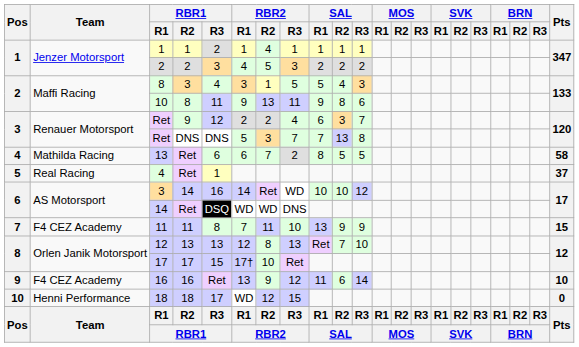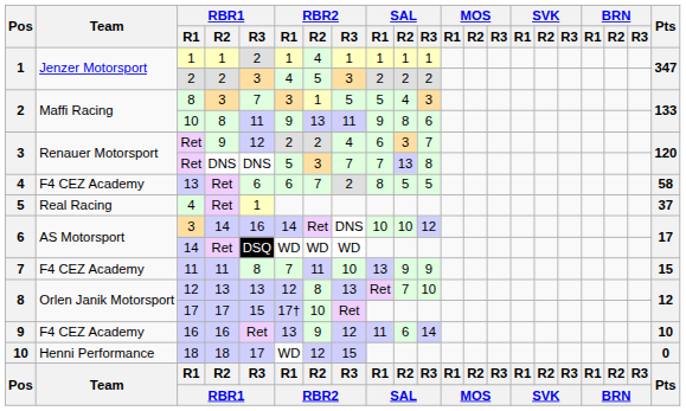 <table class="wikitable" style="font-size: 85%; text-align:center">
 <tr>
 <th rowspan=2>Pos</th>
 <th rowspan=2>Team</th>
 <th colspan=3><a href='#'>RBR1</a><br></th>
 <th colspan=3><a href='#'>RBR2</a><br></th>
 <th colspan=3><a href='#'>SAL</a><br></th>
 <th colspan=3><a href='#'>MOS</a><br></th>
 <th colspan=3><a href='#'>SVK</a><br></th>
 <th colspan=3><a href='#'>BRN</a><br></th>
 <th rowspan=2>Pts</th>
 </tr>
 <tr>
 <th>R1</th>
 <th>R2</th>
 <th>R3</th>
 <th>R1</th>
 <th>R2</th>
 <th>R3</th>
 <th>R1</th>
 <th>R2</th>
 <th>R3</th>
 <th>R1</th>
 <th>R2</th>
 <th>R3</th>
 <th>R1</th>
 <th>R2</th>
 <th>R3</th>
 <th>R1</th>
 <th>R2</th>
 <th>R3</th>
 </tr>
 <tr>
 <th rowspan=2>1</th>
 <td rowspan=2 style="text-align:left"> <a href='#'>Jenzer Motorsport</a></td>
 <td style="background:#ffffbf">1</td>
 <td style="background:#ffffbf">1</td>
 <td style="background:#dfdfdf">2</td>
 <td style="background:#ffffbf">1</td>
 <td style="background:#dfffdf">4</td>
 <td style="background:#ffffbf">1</td>
 <td style="background:#ffffbf">1</td>
 <td style="background:#ffffbf">1</td>
 <td style="background:#ffffbf">1</td>
 <td></td>
 <td></td>
 <td></td>
 <td></td>
 <td></td>
 <td></td>
 <td></td>
 <td></td>
 <td></td>
 <th rowspan=2>347</th>
 </tr>
 <tr>
 <td style="background:#dfdfdf">2</td>
 <td style="background:#dfdfdf">2</td>
 <td style="background:#ffdf9f">3</td>
 <td style="background:#dfffdf">4</td>
 <td style="background:#dfffdf">5</td>
 <td style="background:#ffdf9f">3</td>
 <td style="background:#dfdfdf">2</td>
 <td style="background:#dfdfdf">2</td>
 <td style="background:#dfdfdf">2</td>
 <td></td>
 <td></td>
 <td></td>
 <td></td>
 <td></td>
 <td></td>
 <td></td>
 <td></td>
 <td></td>
 </tr>
 <tr>
 <th rowspan=2>2</th>
 <td rowspan=2 style="text-align:left"> Maffi Racing</td>
 <td style="background:#dfffdf">8</td>
 <td style="background:#ffdf9f">3</td>
-<td style="background:#dfffdf">4</td>
+<td style="background:#dfffdf">7</td>
 <td style="background:#ffdf9f">3</td>
 <td style="background:#ffffbf">1</td>
 <td style="background:#dfffdf">5</td>
 <td style="background:#dfffdf">5</td>
 <td style="background:#dfffdf">4</td>
 <td style="background:#ffdf9f">3</td>
 <td></td>
 <td></td>
 <td></td>
 <td></td>
 <td></td>
 <td></td>
 <td></td>
 <td></td>
 <td></td>
 <th rowspan=2>133</th>
 </tr>
 <tr>
 <td style="background:#dfffdf">10</td>
 <td style="background:#dfffdf">8</td>
 <td style="background:#cfcfff">11</td>
 <td style="background:#dfffdf">9</td>
 <td style="background:#cfcfff">13</td>
 <td style="background:#cfcfff">11</td>
 <td style="background:#dfffdf">9</td>
 <td style="background:#dfffdf">8</td>
 <td style="background:#dfffdf">6</td>
 <td></td>
 <td></td>
 <td></td>
 <td></td>
 <td></td>
 <td></td>
 <td></td>
 <td></td>
 <td></td>
 </tr>
 <tr>
 <th rowspan=2>3</th>
 <td rowspan=2 style="text-align:left"> Renauer Motorsport</td>
 <td style="background:#efcfff">Ret</td>
 <td style="background:#dfffdf">9</td>
 <td style="background:#cfcfff">12</td>
 <td style="background:#dfdfdf">2</td>
 <td style="background:#dfdfdf">2</td>
 <td style="background:#dfffdf">4</td>
 <td style="background:#dfffdf">6</td>
 <td style="background:#ffdf9f">3</td>
 <td style="background:#dfffdf">7</td>
 <td></td>
 <td></td>
 <td></td>
 <td></td>
 <td></td>
 <td></td>
 <td></td>
 <td></td>
 <td></td>
 <th rowspan=2>120</th>
 </tr>
 <tr>
 <td style="background:#efcfff">Ret</td>
 <td style="background:#ffffff">DNS</td>
 <td style="background:#ffffff">DNS</td>
 <td style="background:#dfffdf">5</td>
 <td style="background:#ffdf9f">3</td>
 <td style="background:#dfffdf">7</td>
 <td style="background:#dfffdf">7</td>
 <td style="background:#cfcfff">13</td>
 <td style="background:#dfffdf">8</td>
 <td></td>
 <td></td>
 <td></td>
 <td></td>
 <td></td>
 <td></td>
 <td></td>
 <td></td>
 <td></td>
 </tr>
 <tr>
 <th>4</th>
-<td style="text-align:left"> Mathilda Racing</td>
+<td style="text-align:left"> F4 CEZ Academy</td>
 <td style="background:#cfcfff">13</td>
 <td style="background:#efcfff">Ret</td>
 <td style="background:#dfffdf">6</td>
 <td style="background:#dfffdf">6</td>
 <td style="background:#dfffdf">7</td>
 <td style="background:#dfdfdf">2</td>
 <td style="background:#dfffdf">8</td>
 <td style="background:#dfffdf">5</td>
 <td style="background:#dfffdf">5</td>
 <td></td>
 <td></td>
 <td></td>
 <td></td>
 <td></td>
 <td></td>
 <td></td>
 <td></td>
 <td></td>
 <th>58</th>
 </tr>
 <tr>
 <th>5</th>
 <td style="text-align:left"> Real Racing</td>
 <td style="background:#dfffdf">4</td>
 <td style="background:#efcfff">Ret</td>
 <td style="background:#ffffbf">1</td>
 <td></td>
 <td></td>
 <td></td>
 <td></td>
 <td></td>
 <td></td>
 <td></td>
 <td></td>
 <td></td>
 <td></td>
 <td></td>
 <td></td>
 <td></td>
 <td></td>
 <td></td>
 <th>37</th>
 </tr>
 <tr>
 <th rowspan=2>6</th>
 <td rowspan=2 style="text-align:left"> AS Motorsport</td>
 <td style="background:#ffdf9f">3</td>
 <td style="background:#cfcfff">14</td>
 <td style="background:#cfcfff">16</td>
 <td style="background:#cfcfff">14</td>
 <td style="background:#efcfff">Ret</td>
-<td style="background:#ffffff">WD</td>
+<td style="background:#ffffff">DNS</td>
 <td style="background:#dfffdf">10</td>
 <td style="background:#dfffdf">10</td>
 <td style="background:#cfcfff">12</td>
 <td></td>
 <td></td>
 <td></td>
 <td></td>
 <td></td>
 <td></td>
 <td></td>
 <td></td>
 <td></td>
 <th rowspan=2>17</th>
 </tr>
 <tr>
 <td style="background:#cfcfff">14</td>
 <td style="background:#efcfff">Ret</td>
 <td style="background:#000000; color:#ffffff">DSQ</td>
 <td style="background:#ffffff">WD</td>
 <td style="background:#ffffff">WD</td>
-<td style="background:#ffffff">DNS</td>
+<td style="background:#ffffff">WD</td>
 <td></td>
 <td></td>
 <td></td>
 <td></td>
 <td></td>
 <td></td>
 <td></td>
 <td></td>
 <td></td>
 <td></td>
 <td></td>
 <td></td>
 </tr>
 <tr>
 <th>7</th>
 <td style="text-align:left"> F4 CEZ Academy</td>
 <td style="background:#cfcfff">11</td>
 <td style="background:#cfcfff">11</td>
 <td style="background:#dfffdf">8</td>
 <td style="background:#dfffdf">7</td>
 <td style="background:#cfcfff">11</td>
 <td style="background:#dfffdf">10</td>
 <td style="background:#cfcfff">13</td>
 <td style="background:#dfffdf">9</td>
 <td style="background:#dfffdf">9</td>
 <td></td>
 <td></td>
 <td></td>
 <td></td>
 <td></td>
 <td></td>
 <td></td>
 <td></td>
 <td></td>
 <th>15</th>
 </tr>
 <tr>
 <th rowspan=2>8</th>
 <td rowspan=2 style="text-align:left"> Orlen Janik Motorsport</td>
 <td style="background:#cfcfff">12</td>
 <td style="background:#cfcfff">13</td>
 <td style="background:#cfcfff">13</td>
 <td style="background:#cfcfff">12</td>
 <td style="background:#dfffdf">8</td>
 <td style="background:#cfcfff">13</td>
 <td style="background:#efcfff">Ret</td>
 <td style="background:#dfffdf">7</td>
 <td style="background:#dfffdf">10</td>
 <td></td>
 <td></td>
 <td></td>
 <td></td>
 <td></td>
 <td></td>
 <td></td>
 <td></td>
 <td></td>
 <th rowspan=2>12</th>
 </tr>
 <tr>
 <td style="background:#cfcfff">17</td>
 <td style="background:#cfcfff">17</td>
 <td style="background:#cfcfff">15</td>
 <td style="background:#cfcfff">17†</td>
 <td style="background:#dfffdf">10</td>
 <td style="background:#efcfff">Ret</td>
 <td></td>
 <td></td>
 <td></td>
 <td></td>
 <td></td>
 <td></td>
 <td></td>
 <td></td>
 <td></td>
 <td></td>
 <td></td>
 <td></td>
 </tr>
 <tr>
 <th>9</th>
 <td style="text-align:left"> F4 CEZ Academy</td>
 <td style="background:#cfcfff">16</td>
 <td style="background:#cfcfff">16</td>
 <td style="background:#efcfff">Ret</td>
 <td style="background:#cfcfff">13</td>
 <td style="background:#dfffdf">9</td>
 <td style="background:#cfcfff">12</td>
 <td style="background:#cfcfff">11</td>
 <td style="background:#dfffdf">6</td>
 <td style="background:#cfcfff">14</td>
 <td></td>
 <td></td>
 <td></td>
 <td></td>
 <td></td>
 <td></td>
 <td></td>
 <td></td>
 <td></td>
 <th>10</th>
 </tr>
 <tr>
 <th>10</th>
 <td style="text-align:left"> Henni Performance</td>
 <td style="background:#cfcfff">18</td>
 <td style="background:#cfcfff">18</td>
 <td style="background:#cfcfff">17</td>
 <td style="background:#ffffff">WD</td>
 <td style="background:#cfcfff">12</td>
 <td style="background:#cfcfff">15</td>
 <td></td>
 <td></td>
 <td></td>
 <td></td>
 <td></td>
 <td></td>
 <td></td>
 <td></td>
 <td></td>
 <td></td>
 <td></td>
 <td></td>
 <th>0</th>
 </tr>
 <tr>
 <th rowspan=2>Pos</th>
 <th rowspan=2>Team</th>
 <th>R1</th>
 <th>R2</th>
 <th>R3</th>
 <th>R1</th>
 <th>R2</th>
 <th>R3</th>
 <th>R1</th>
 <th>R2</th>
 <th>R3</th>
 <th>R1</th>
 <th>R2</th>
 <th>R3</th>
 <th>R1</th>
 <th>R2</th>
 <th>R3</th>
 <th>R1</th>
 <th>R2</th>
 <th>R3</th>
 <th rowspan=2>Pts</th>
 </tr>
 <tr>
 <th colspan=3><a href='#'>RBR1</a><br></th>
 <th colspan=3><a href='#'>RBR2</a><br></th>
 <th colspan=3><a href='#'>SAL</a><br></th>
 <th colspan=3><a href='#'>MOS</a><br></th>
 <th colspan=3><a href='#'>SVK</a><br></th>
 <th colspan=3><a href='#'>BRN</a><br></th>
 </tr>
 </table>
